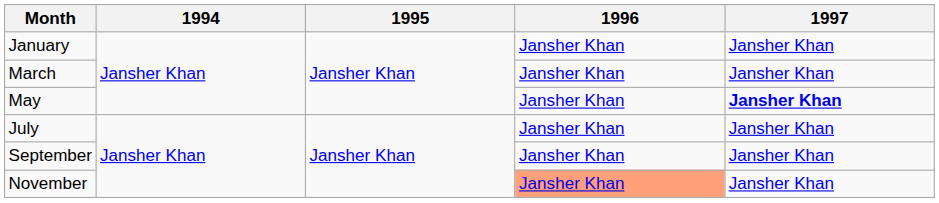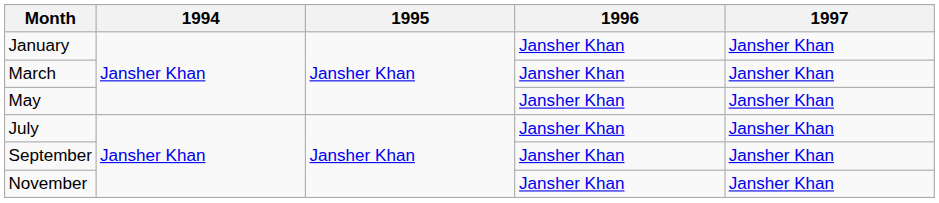 <table class=wikitable style="font-size:98%;">
 <tr>
 <th style="width:75px;">Month</th>
 <th style="width:185px;">1994</th>
 <th style="width:185px;">1995</th>
 <th style="width:185px;">1996</th>
 <th style="width:185px;">1997</th>
 </tr>
 <tr>
 <td>January</td>
 <td style="text-align:left;" rowspan="3"> <a href='#'>Jansher Khan</a></td>
 <td style="text-align:left;" rowspan="3"> <a href='#'>Jansher Khan</a></td>
 <td> <a href='#'>Jansher Khan</a></td>
 <td> <a href='#'>Jansher Khan</a></td>
 </tr>
 <tr>
 <td>March</td>
 <td> <a href='#'>Jansher Khan</a></td>
 <td> <a href='#'>Jansher Khan</a></td>
 </tr>
 <tr>
 <td>May</td>
 <td> <a href='#'>Jansher Khan</a></td>
-<td><strong> <a href='#'>Jansher Khan</a></strong></td>
+<td> <a href='#'>Jansher Khan</a></td>
 </tr>
 <tr>
 <td>July</td>
 <td style="text-align:left;" rowspan="3"> <a href='#'>Jansher Khan</a></td>
 <td style="text-align:left;" rowspan="3"> <a href='#'>Jansher Khan</a></td>
 <td> <a href='#'>Jansher Khan</a></td>
 <td> <a href='#'>Jansher Khan</a></td>
 </tr>
 <tr>
 <td>September</td>
 <td> <a href='#'>Jansher Khan</a></td>
 <td> <a href='#'>Jansher Khan</a></td>
 </tr>
 <tr>
 <td>November</td>
-<td style="background: lightsalmon;"> <a href='#'>Jansher Khan</a></td>
+<td> <a href='#'>Jansher Khan</a></td>
 <td> <a href='#'>Jansher Khan</a></td>
 </tr>
 </table>
